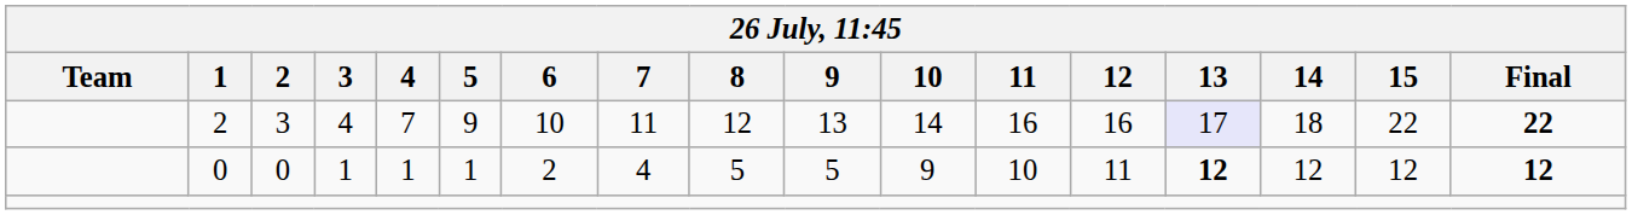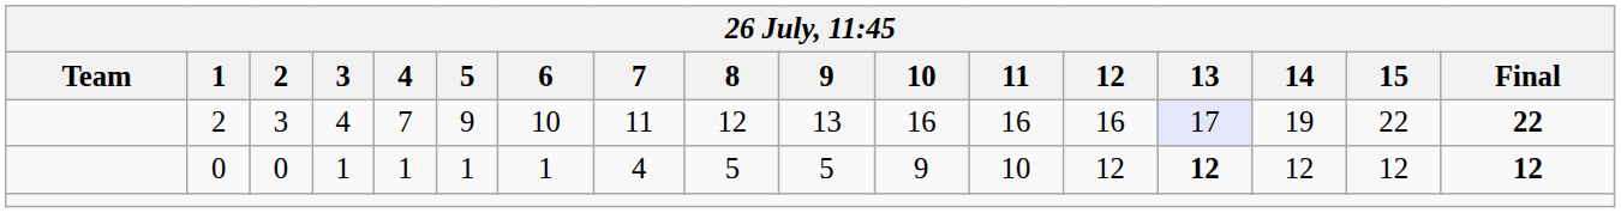 <table class=wikitable style="text-align:center; width: 55%">
 <tr>
 <th colspan=17><em>26 July, 11:45</em></th>
 </tr>
 <tr>
 <th>Team</th>
 <th>1</th>
 <th>2</th>
 <th>3</th>
 <th>4</th>
 <th>5</th>
 <th>6</th>
 <th>7</th>
 <th>8</th>
 <th>9</th>
 <th>10</th>
 <th>11</th>
 <th>12</th>
 <th>13</th>
 <th>14</th>
 <th>15</th>
 <th>Final</th>
 </tr>
 <tr>
 <td align=left><strong></strong></td>
 <td>2</td>
 <td>3</td>
 <td>4</td>
 <td>7</td>
 <td>9</td>
 <td>10</td>
 <td>11</td>
 <td>12</td>
 <td>13</td>
-<td>14</td>
+<td>16</td>
 <td>16</td>
 <td>16</td>
 <td style="background: lavender;">17</td>
-<td>18</td>
+<td>19</td>
 <td>22</td>
 <td><strong>22</strong></td>
 </tr>
 <tr>
 <td align=left></td>
 <td>0</td>
 <td>0</td>
 <td>1</td>
 <td>1</td>
 <td>1</td>
-<td>2</td>
+<td>1</td>
 <td>4</td>
 <td>5</td>
 <td>5</td>
 <td>9</td>
 <td>10</td>
-<td>11</td>
+<td>12</td>
 <td><strong>12</strong></td>
 <td>12</td>
 <td>12</td>
 <td><strong>12</strong></td>
 </tr>
 <tr>
 <td colspan=17></td>
 </tr>
 </table>
